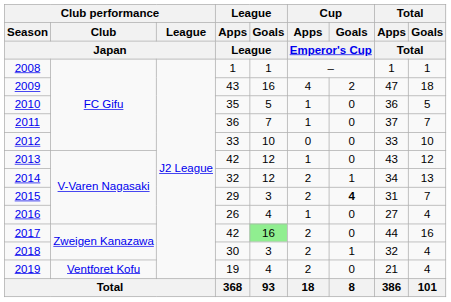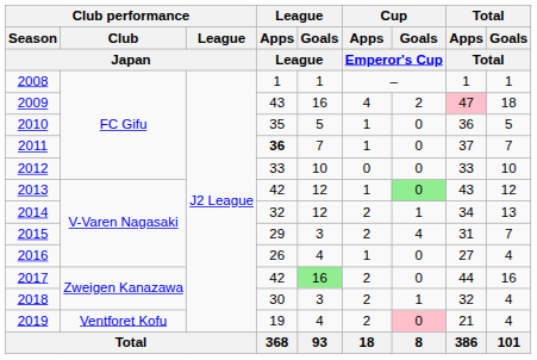 <table class="wikitable" style="text-align:center;">
 <tr>
 <th colspan=3>Club performance</th>
 <th colspan=2>League</th>
 <th colspan=2>Cup</th>
 <th colspan=2>Total</th>
 </tr>
 <tr>
 <th>Season</th>
 <th>Club</th>
 <th>League</th>
 <th>Apps</th>
 <th>Goals</th>
 <th>Apps</th>
 <th>Goals</th>
 <th>Apps</th>
 <th>Goals</th>
 </tr>
 <tr>
 <th colspan=3>Japan</th>
 <th colspan=2>League</th>
 <th colspan=2><a href='#'>Emperor's Cup</a></th>
 <th colspan=2>Total</th>
 </tr>
 <tr>
 <td><a href='#'>2008</a></td>
 <td rowspan="5"><a href='#'>FC Gifu</a></td>
 <td rowspan="12"><a href='#'>J2 League</a></td>
 <td>1</td>
 <td>1</td>
 <td colspan="2">–</td>
 <td>1</td>
 <td>1</td>
 </tr>
 <tr>
 <td><a href='#'>2009</a></td>
 <td>43</td>
 <td>16</td>
 <td>4</td>
 <td>2</td>
-<td>47</td>
+<td style="background: pink;">47</td>
 <td>18</td>
 </tr>
 <tr>
 <td><a href='#'>2010</a></td>
 <td>35</td>
 <td>5</td>
 <td>1</td>
 <td>0</td>
 <td>36</td>
 <td>5</td>
 </tr>
 <tr>
 <td><a href='#'>2011</a></td>
-<td>36</td>
+<td><strong>36</strong></td>
 <td>7</td>
 <td>1</td>
 <td>0</td>
 <td>37</td>
 <td>7</td>
 </tr>
 <tr>
 <td><a href='#'>2012</a></td>
 <td>33</td>
 <td>10</td>
 <td>0</td>
 <td>0</td>
 <td>33</td>
 <td>10</td>
 </tr>
 <tr>
 <td><a href='#'>2013</a></td>
 <td rowspan="4"><a href='#'>V-Varen Nagasaki</a></td>
 <td>42</td>
 <td>12</td>
 <td>1</td>
-<td>0</td>
+<td style="background: lightgreen;">0</td>
 <td>43</td>
 <td>12</td>
 </tr>
 <tr>
 <td><a href='#'>2014</a></td>
 <td>32</td>
 <td>12</td>
 <td>2</td>
 <td>1</td>
 <td>34</td>
 <td>13</td>
 </tr>
 <tr>
 <td><a href='#'>2015</a></td>
 <td>29</td>
 <td>3</td>
 <td>2</td>
-<td><strong>4</strong></td>
+<td>4</td>
 <td>31</td>
 <td>7</td>
 </tr>
 <tr>
 <td><a href='#'>2016</a></td>
 <td>26</td>
 <td>4</td>
 <td>1</td>
 <td>0</td>
 <td>27</td>
 <td>4</td>
 </tr>
 <tr>
 <td><a href='#'>2017</a></td>
 <td rowspan="2"><a href='#'>Zweigen Kanazawa</a></td>
 <td>42</td>
 <td style="background: lightgreen;">16</td>
 <td>2</td>
 <td>0</td>
 <td>44</td>
 <td>16</td>
 </tr>
 <tr>
 <td><a href='#'>2018</a></td>
 <td>30</td>
 <td>3</td>
 <td>2</td>
 <td>1</td>
 <td>32</td>
 <td>4</td>
 </tr>
 <tr>
 <td><a href='#'>2019</a></td>
 <td><a href='#'>Ventforet Kofu</a></td>
 <td>19</td>
 <td>4</td>
 <td>2</td>
-<td>0</td>
+<td style="background: pink;">0</td>
 <td>21</td>
 <td>4</td>
 </tr>
 <tr>
 <th colspan=3>Total</th>
 <th>368</th>
 <th>93</th>
 <th>18</th>
 <th>8</th>
 <th>386</th>
 <th>101</th>
 </tr>
 </table>
